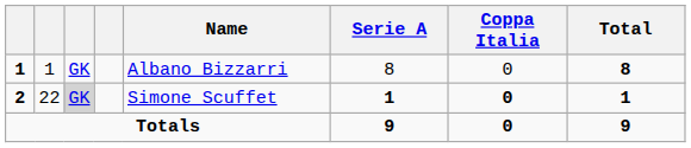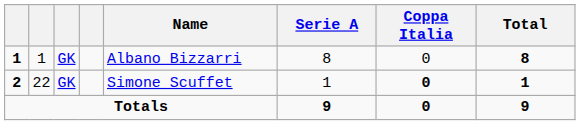 <table class="wikitable" style="text-align:center">
 <tr>
 <th width=15></th>
 <th width=15></th>
 <th width=15></th>
 <th width=15></th>
 <th width=145>Name</th>
 <th width=80><strong><a href='#'>Serie A</a></strong></th>
 <th width=80><strong><a href='#'>Coppa Italia</a></strong></th>
 <th width=80>Total</th>
 </tr>
 <tr>
 <td><strong>1</strong></td>
 <td>1</td>
 <td><a href='#'>GK</a></td>
 <td></td>
 <td align=left><a href='#'>Albano Bizzarri</a></td>
 <td>8</td>
 <td>0</td>
 <td><strong>8</strong></td>
 </tr>
 <tr>
 <td><strong>2</strong></td>
 <td>22</td>
-<td style="background: lightgrey;"><a href='#'>GK</a></td>
+<td><a href='#'>GK</a></td>
 <td></td>
 <td align=left><a href='#'>Simone Scuffet</a></td>
-<td><strong>1</strong></td>
+<td>1</td>
 <td><strong>0</strong></td>
 <td><strong>1</strong></td>
 </tr>
 <tr>
 <td colspan=5><strong>Totals</strong></td>
 <td><strong>9</strong></td>
 <td><strong>0</strong></td>
 <td><strong>9</strong></td>
 </tr>
 </table>
